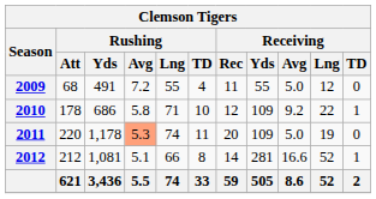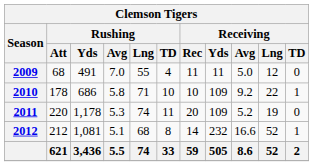 <table class=wikitable style="text-align:center;">
 <tr>
 <th colspan="15">Clemson Tigers</th>
 </tr>
 <tr>
 <th rowspan="2">Season</th>
 <th colspan="5">Rushing</th>
 <th colspan="5">Receiving</th>
 </tr>
 <tr>
 <th>Att</th>
 <th>Yds</th>
 <th>Avg</th>
 <th>Lng</th>
 <th>TD</th>
 <th>Rec</th>
 <th>Yds</th>
 <th>Avg</th>
 <th>Lng</th>
 <th>TD</th>
 </tr>
 <tr>
 <th><a href='#'>2009</a></th>
 <td>68</td>
 <td>491</td>
-<td>7.2</td>
+<td>7.0</td>
 <td>55</td>
 <td>4</td>
 <td>11</td>
-<td>55</td>
+<td>11</td>
 <td>5.0</td>
 <td>12</td>
 <td>0</td>
 </tr>
 <tr>
 <th><a href='#'>2010</a></th>
 <td>178</td>
 <td>686</td>
 <td>5.8</td>
 <td>71</td>
 <td>10</td>
-<td>12</td>
+<td>10</td>
 <td>109</td>
 <td>9.2</td>
 <td>22</td>
 <td>1</td>
 </tr>
 <tr>
 <th><a href='#'>2011</a></th>
 <td>220</td>
 <td>1,178</td>
-<td style="background: lightsalmon;">5.3</td>
+<td>5.3</td>
 <td>74</td>
 <td>11</td>
 <td>20</td>
 <td>109</td>
-<td>5.0</td>
+<td>5.2</td>
 <td>19</td>
 <td>0</td>
 </tr>
 <tr>
 <th><a href='#'>2012</a></th>
 <td>212</td>
 <td>1,081</td>
 <td>5.1</td>
-<td>66</td>
+<td>68</td>
 <td>8</td>
 <td>14</td>
-<td>281</td>
+<td>232</td>
 <td>16.6</td>
 <td>52</td>
 <td>1</td>
 </tr>
 <tr>
 <th></th>
 <th>621</th>
 <th>3,436</th>
 <th>5.5</th>
 <th>74</th>
 <th>33</th>
 <th>59</th>
 <th>505</th>
 <th>8.6</th>
 <th>52</th>
 <th>2</th>
 </tr>
 <tr>
 </tr>
 </table>
